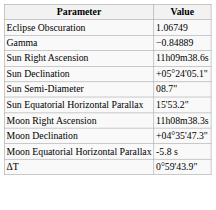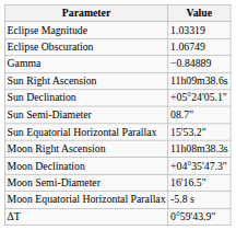 <table class="wikitable">
 <tr>
 <th>Parameter</th>
 <th>Value</th>
+</tr>
+<tr>
+<td>Eclipse Magnitude</td>
+<td>1.03319</td>
 </tr>
 <tr>
 <td>Eclipse Obscuration</td>
 <td>1.06749</td>
 </tr>
 <tr>
 <td>Gamma</td>
 <td>−0.84889</td>
 </tr>
 <tr>
 <td>Sun Right Ascension</td>
 <td>11h09m38.6s</td>
 </tr>
 <tr>
 <td>Sun Declination</td>
 <td>+05°24'05.1"</td>
 </tr>
 <tr>
 <td>Sun Semi-Diameter</td>
 <td>08.7"</td>
 </tr>
 <tr>
 <td>Sun Equatorial Horizontal Parallax</td>
 <td>15'53.2"</td>
 </tr>
 <tr>
 <td>Moon Right Ascension</td>
 <td>11h08m38.3s</td>
 </tr>
 <tr>
 <td>Moon Declination</td>
 <td>+04°35'47.3"</td>
 </tr>
 <tr>
+<td>Moon Semi-Diameter</td>
+<td>16'16.5"</td>
+</tr>
+<tr>
 <td>Moon Equatorial Horizontal Parallax</td>
 <td>-5.8 s</td>
 </tr>
 <tr>
 <td>ΔT</td>
 <td>0°59'43.9"</td>
 </tr>
 </table>
